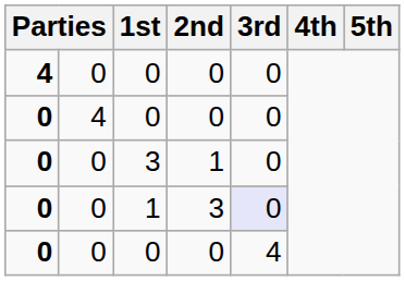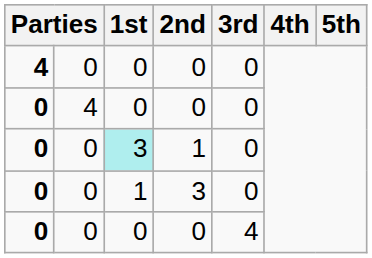 <table class="wikitable" style="text-align:right;">
 <tr>
 <th colspan=2 style="text-align:left;">Parties</th>
 <th>1st</th>
 <th>2nd</th>
 <th>3rd</th>
 <th>4th</th>
 <th>5th</th>
 </tr>
 <tr>
 <td><strong>4</strong></td>
 <td>0</td>
 <td>0</td>
 <td>0</td>
 <td>0</td>
 </tr>
 <tr>
 <td><strong>0</strong></td>
 <td>4</td>
 <td>0</td>
 <td>0</td>
 <td>0</td>
 </tr>
 <tr>
 <td><strong>0</strong></td>
 <td>0</td>
-<td>3</td>
+<td style="background: paleturquoise;">3</td>
 <td>1</td>
 <td>0</td>
 </tr>
 <tr>
 <td><strong>0</strong></td>
 <td>0</td>
 <td>1</td>
 <td>3</td>
-<td style="background: lavender;">0</td>
+<td>0</td>
 </tr>
 <tr>
 <td><strong>0</strong></td>
 <td>0</td>
 <td>0</td>
 <td>0</td>
 <td>4</td>
 </tr>
 </table>
